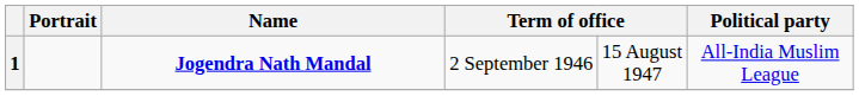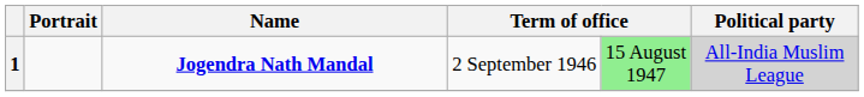 <table class="wikitable" style="text-align:center">
 <tr>
 <th></th>
 <th>Portrait</th>
 <th style="width:17em">Name</th>
 <th colspan="2">Term of office</th>
 <th style="width:8em">Political party</th>
 </tr>
 <tr>
 <th>1</th>
 <td></td>
 <td><strong><a href='#'>Jogendra Nath Mandal</a></strong></td>
 <td>2 September 1946</td>
-<td>15 August<br>1947</td>
-<td><a href='#'>All-India Muslim League</a></td>
+<td style="background: lightgreen;">15 August<br>1947</td>
+<td style="background: lightgrey;"><a href='#'>All-India Muslim League</a></td>
 </tr>
 <tr>
 </tr>
 </table>
